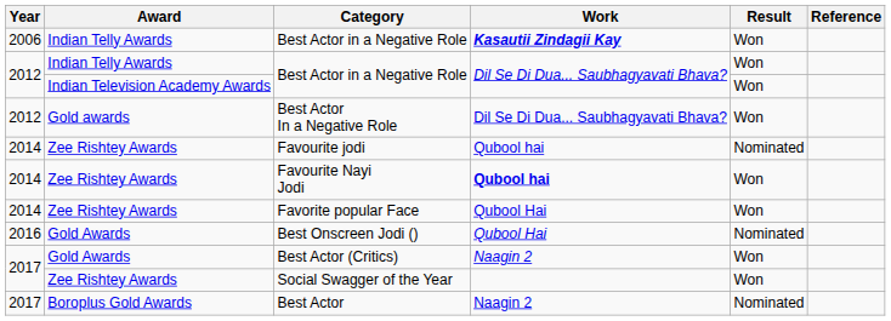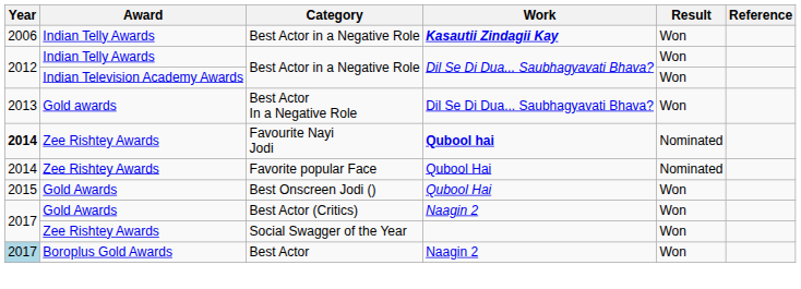 <table class="wikitable sortable">
 <tr>
 <th>Year</th>
 <th>Award</th>
 <th>Category</th>
 <th>Work</th>
 <th>Result</th>
 <th>Reference</th>
 </tr>
 <tr>
 <td>2006</td>
 <td><a href='#'>Indian Telly Awards</a></td>
 <td>Best Actor in a Negative Role</td>
 <td><em><a href='#'><strong>Kasautii Zindagii Kay</strong></a></em></td>
 <td>Won</td>
 <td style="text-align:center;"></td>
 </tr>
 <tr>
 <td rowspan="2">2012</td>
 <td><a href='#'>Indian Telly Awards</a></td>
 <td rowspan="2">Best Actor in a Negative Role</td>
 <td rowspan="2"><em><a href='#'>Dil Se Di Dua... Saubhagyavati Bhava?</a></em></td>
 <td>Won</td>
 <td></td>
 </tr>
 <tr>
 <td><a href='#'>Indian Television Academy Awards</a></td>
 <td>Won</td>
 <td style="text-align:center;"></td>
 </tr>
 <tr>
-<td>2012</td>
+<td>2013</td>
 <td><a href='#'>Gold awards</a></td>
 <td>Best Actor<br>In a  Negative Role</td>
 <td><a href='#'>Dil Se Di Dua... Saubhagyavati Bhava?</a></td>
 <td>Won</td>
 <td></td>
 </tr>
 <tr>
-<td>2014</td>
-<td><a href='#'>Zee Rishtey Awards</a></td>
-<td>Favourite jodi</td>
-<td><a href='#'>Qubool hai</a></td>
-<td>Nominated</td>
-<td></td>
-</tr>
-<tr>
-<td>2014</td>
+<td><strong>2014</strong></td>
 <td><a href='#'>Zee Rishtey Awards</a></td>
 <td>Favourite Nayi<br>Jodi</td>
 <td><strong><a href='#'>Qubool hai</a></strong></td>
-<td>Won</td>
+<td>Nominated</td>
 <td></td>
 </tr>
 <tr>
 <td>2014</td>
 <td><a href='#'>Zee Rishtey Awards</a></td>
 <td>Favorite popular Face</td>
 <td><a href='#'>Qubool Hai</a></td>
-<td>Won</td>
+<td>Nominated</td>
 <td></td>
 </tr>
 <tr>
-<td>2016</td>
+<td>2015</td>
 <td><a href='#'>Gold Awards</a></td>
 <td>Best Onscreen Jodi ()</td>
 <td><em><a href='#'>Qubool Hai</a></em></td>
-<td>Nominated</td>
+<td>Won</td>
 <td style="text-align:center;"></td>
 </tr>
 <tr>
 <td rowspan="2">2017</td>
 <td><a href='#'>Gold Awards</a></td>
 <td>Best Actor (Critics)</td>
 <td><em><a href='#'>Naagin 2</a></em></td>
 <td>Won</td>
 <td style="text-align:center;"></td>
 </tr>
 <tr>
 <td><a href='#'>Zee Rishtey Awards</a></td>
 <td>Social Swagger of the Year</td>
 <td></td>
 <td>Won</td>
 <td></td>
 </tr>
 <tr>
-<td>2017</td>
+<td style="background: lightblue;">2017</td>
 <td><a href='#'>Boroplus Gold Awards</a></td>
 <td>Best Actor</td>
 <td><a href='#'>Naagin 2</a></td>
-<td>Nominated</td>
+<td>Won</td>
 <td></td>
 </tr>
 </table>
